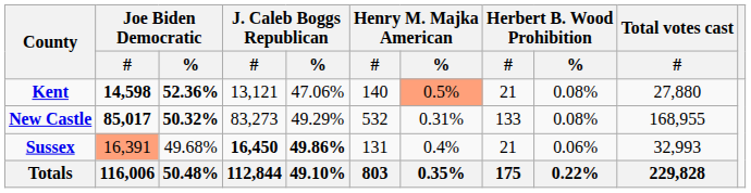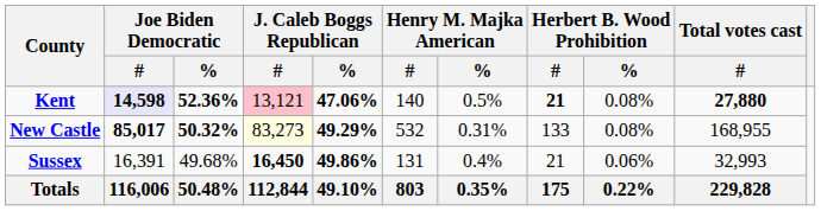 <table class="wikitable sortable">
 <tr>
 <th rowspan="2">County</th>
 <th colspan="2" style="text-align:center;"><strong>Joe Biden</strong><br>Democratic</th>
 <th colspan="2" style="text-align:center;"><strong>J. Caleb Boggs</strong><br>Republican</th>
 <th colspan="2" style="text-align:center;">Henry M. Majka<br>American</th>
 <th colspan="2" style="text-align:center;">Herbert B. Wood<br>Prohibition</th>
 <th style="text-align:center;">Total votes cast</th>
 <th rowspan="2"></th>
 </tr>
 <tr>
 <th style="text-align:center;" data-sort-type="number">#</th>
 <th style="text-align:center;" data-sort-type="number">%</th>
 <th style="text-align:center;" data-sort-type="number">#</th>
 <th style="text-align:center;" data-sort-type="number">%</th>
 <th style="text-align:center;" data-sort-type="number">#</th>
 <th style="text-align:center;" data-sort-type="number">%</th>
 <th style="text-align:center;" data-sort-type="number">#</th>
 <th style="text-align:center;" data-sort-type="number">%</th>
 <th style="text-align:center;" data-sort-type="number">#</th>
 </tr>
 <tr style="text-align:center;">
 <td><strong><a href='#'>Kent</a></strong></td>
-<td><strong>14,598</strong></td>
+<td style="background: lavender;"><strong>14,598</strong></td>
 <td><strong>52.36%</strong></td>
-<td>13,121</td>
-<td>47.06%</td>
+<td style="background: pink;">13,121</td>
+<td><strong>47.06%</strong></td>
 <td>140</td>
-<td style="background: lightsalmon;">0.5%</td>
-<td>21</td>
+<td>0.5%</td>
+<td><strong>21</strong></td>
 <td>0.08%</td>
-<td>27,880</td>
+<td><strong>27,880</strong></td>
 <td rowspan="4"></td>
 </tr>
 <tr style="text-align:center;">
 <td><strong><a href='#'>New Castle</a></strong></td>
 <td><strong>85,017</strong></td>
 <td><strong>50.32%</strong></td>
-<td>83,273</td>
-<td>49.29%</td>
+<td style="background: lightyellow;">83,273</td>
+<td><strong>49.29%</strong></td>
 <td>532</td>
 <td>0.31%</td>
 <td>133</td>
 <td>0.08%</td>
 <td>168,955</td>
 </tr>
 <tr style="text-align:center;">
 <td><strong><a href='#'>Sussex</a></strong></td>
-<td style="background: lightsalmon;">16,391</td>
+<td>16,391</td>
 <td>49.68%</td>
 <td><strong>16,450</strong></td>
 <td><strong>49.86%</strong></td>
 <td>131</td>
 <td>0.4%</td>
 <td>21</td>
 <td>0.06%</td>
 <td>32,993</td>
 </tr>
 <tr>
 <th>Totals</th>
 <th>116,006</th>
 <th>50.48%</th>
 <th>112,844</th>
 <th>49.10%</th>
 <th>803</th>
 <th>0.35%</th>
 <th>175</th>
 <th>0.22%</th>
 <th>229,828</th>
 </tr>
 </table>
